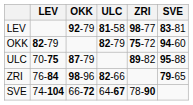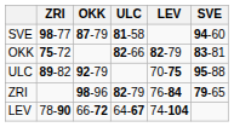 <table class="wikitable">
 <tr>
 <th></th>
-<th> LEV</th>
+<th> ZRI</th>
 <th> OKK</th>
 <th> ULC</th>
-<th> ZRI</th>
+<th> LEV</th>
 <th> SVE</th>
 </tr>
 <tr>
-<td> LEV</td>
+<td> SVE</td>
+<td><strong>98</strong>-77</td>
+<td><strong>87</strong>-79</td>
+<td><strong>81</strong>-58</td>
 <td></td>
-<td><strong>92</strong>-79</td>
-<td><strong>81</strong>-58</td>
-<td><strong>98</strong>-77</td>
+<td><strong>94</strong>-60</td>
+</tr>
+<tr>
+<td> OKK</td>
+<td><strong>75</strong>-72</td>
+<td></td>
+<td><strong>82</strong>-66</td>
+<td><strong>82</strong>-79</td>
 <td><strong>83</strong>-81</td>
 </tr>
 <tr>
-<td> OKK</td>
-<td><strong>82</strong>-79</td>
+<td> ULC</td>
+<td><strong>89</strong>-82</td>
+<td><strong>92</strong>-79</td>
 <td></td>
-<td><strong>82</strong>-79</td>
-<td><strong>75</strong>-72</td>
-<td><strong>94</strong>-60</td>
-</tr>
-<tr>
-<td> ULC</td>
 <td>70-<strong>75</strong></td>
-<td><strong>87</strong>-79</td>
-<td></td>
-<td><strong>89</strong>-82</td>
 <td><strong>95</strong>-88</td>
 </tr>
 <tr>
 <td> ZRI</td>
+<td></td>
+<td><strong>98</strong>-96</td>
+<td><strong>82</strong>-79</td>
 <td>76-<strong>84</strong></td>
-<td><strong>98</strong>-96</td>
-<td><strong>82</strong>-66</td>
-<td></td>
 <td><strong>79</strong>-65</td>
 </tr>
 <tr>
-<td> SVE</td>
-<td>74-<strong>104</strong></td>
+<td> LEV</td>
+<td>78-<strong>90</strong></td>
 <td>66-<strong>72</strong></td>
 <td>64-<strong>67</strong></td>
-<td>78-<strong>90</strong></td>
+<td>74-<strong>104</strong></td>
 <td></td>
 </tr>
 </table>
